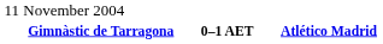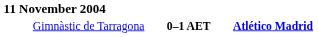 <table width=100% cellspacing=1>
 <tr>
 <th width=20%></th>
 <th width=12%></th>
 <th width=20%></th>
 <th></th>
 </tr>
 <tr>
-<td>11 November 2004</td>
+<td><strong>11 November 2004</strong></td>
 </tr>
 <tr style=font-size:90%>
-<td align=right><strong><a href='#'>Gimnàstic de Tarragona</a></strong></td>
+<td align=right><a href='#'>Gimnàstic de Tarragona</a></td>
 <td align=center><strong>0–1 AET</strong></td>
 <td><strong><a href='#'>Atlético Madrid</a></strong></td>
 </tr>
 </table>
